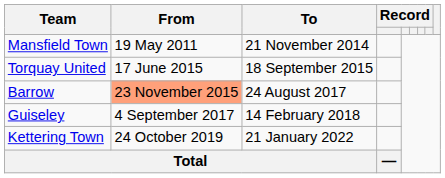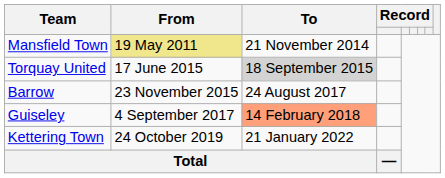 <table class=wikitable style="text-align: center;">
 <tr>
 <th rowspan=2>Team</th>
 <th rowspan=2>From</th>
 <th rowspan=2>To</th>
 <th colspan=5>Record</th>
 <th rowspan=2></th>
 </tr>
 <tr>
 <th></th>
 <th></th>
 <th></th>
 <th></th>
 <th></th>
 </tr>
 <tr>
 <td align=left><a href='#'>Mansfield Town</a></td>
-<td align=left>19 May 2011</td>
+<td align=left style="background: khaki;">19 May 2011</td>
 <td align=left>21 November 2014<br></td>
 <td></td>
 </tr>
 <tr>
 <td align=left><a href='#'>Torquay United</a></td>
 <td align=left>17 June 2015</td>
-<td align=left>18 September 2015<br></td>
+<td align=left style="background: lightgrey;">18 September 2015<br></td>
 <td></td>
 </tr>
 <tr>
 <td align=left><a href='#'>Barrow</a></td>
-<td align=left style="background: lightsalmon;">23 November 2015</td>
+<td align=left>23 November 2015</td>
 <td align=left>24 August 2017<br></td>
 <td></td>
 </tr>
 <tr>
 <td align=left><a href='#'>Guiseley</a></td>
 <td align=left>4 September 2017</td>
-<td align=left>14 February 2018<br></td>
+<td align=left style="background: lightsalmon;">14 February 2018<br></td>
 <td></td>
 </tr>
 <tr>
 <td align=left><a href='#'>Kettering Town</a></td>
 <td align=left>24 October 2019</td>
 <td align=left>21 January 2022<br></td>
 <td></td>
 </tr>
 <tr>
 <th colspan=3>Total<br></th>
 <th>—</th>
 </tr>
 </table>
